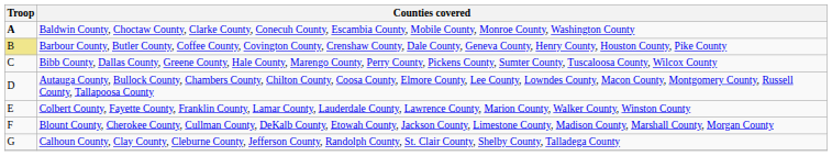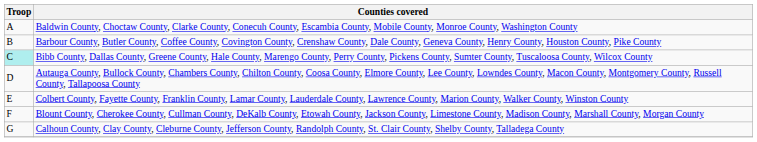 <table class="wikitable sortable" style="text-align:left; font-size:100%;">
 <tr>
 <th>Troop</th>
 <th>Counties covered</th>
 </tr>
 <tr>
-<td><strong>A</strong></td>
+<td>A</td>
 <td><a href='#'>Baldwin County</a>, <a href='#'>Choctaw County</a>, <a href='#'>Clarke County</a>, <a href='#'>Conecuh County</a>, <a href='#'>Escambia County</a>, <a href='#'>Mobile County</a>, <a href='#'>Monroe County</a>, <a href='#'>Washington County</a></td>
 </tr>
 <tr>
-<td style="background: khaki;">B</td>
+<td>B</td>
 <td><a href='#'>Barbour County</a>, <a href='#'>Butler County</a>, <a href='#'>Coffee County</a>, <a href='#'>Covington County</a>, <a href='#'>Crenshaw County</a>, <a href='#'>Dale County</a>, <a href='#'>Geneva County</a>, <a href='#'>Henry County</a>, <a href='#'>Houston County</a>, <a href='#'>Pike County</a></td>
 </tr>
 <tr>
-<td>C</td>
+<td style="background: paleturquoise;">C</td>
 <td><a href='#'>Bibb County</a>, <a href='#'>Dallas County</a>, <a href='#'>Greene County</a>, <a href='#'>Hale County</a>, <a href='#'>Marengo County</a>, <a href='#'>Perry County</a>, <a href='#'>Pickens County</a>, <a href='#'>Sumter County</a>, <a href='#'>Tuscaloosa County</a>, <a href='#'>Wilcox County</a></td>
 </tr>
 <tr>
 <td>D</td>
 <td><a href='#'>Autauga County</a>, <a href='#'>Bullock County</a>, <a href='#'>Chambers County</a>, <a href='#'>Chilton County</a>, <a href='#'>Coosa County</a>, <a href='#'>Elmore County</a>, <a href='#'>Lee County</a>, <a href='#'>Lowndes County</a>, <a href='#'>Macon County</a>, <a href='#'>Montgomery County</a>, <a href='#'>Russell County</a>, <a href='#'>Tallapoosa County</a></td>
 </tr>
 <tr>
 <td>E</td>
 <td><a href='#'>Colbert County</a>, <a href='#'>Fayette County</a>, <a href='#'>Franklin County</a>, <a href='#'>Lamar County</a>, <a href='#'>Lauderdale County</a>, <a href='#'>Lawrence County</a>, <a href='#'>Marion County</a>, <a href='#'>Walker County</a>, <a href='#'>Winston County</a></td>
 </tr>
 <tr>
 <td>F</td>
 <td><a href='#'>Blount County</a>, <a href='#'>Cherokee County</a>, <a href='#'>Cullman County</a>, <a href='#'>DeKalb County</a>, <a href='#'>Etowah County</a>, <a href='#'>Jackson County</a>, <a href='#'>Limestone County</a>, <a href='#'>Madison County</a>, <a href='#'>Marshall County</a>, <a href='#'>Morgan County</a></td>
 </tr>
 <tr>
 <td>G</td>
 <td><a href='#'>Calhoun County</a>, <a href='#'>Clay County</a>, <a href='#'>Cleburne County</a>, <a href='#'>Jefferson County</a>, <a href='#'>Randolph County</a>, <a href='#'>St. Clair County</a>, <a href='#'>Shelby County</a>, <a href='#'>Talladega County</a></td>
 </tr>
 <tr>
 </tr>
 </table>
